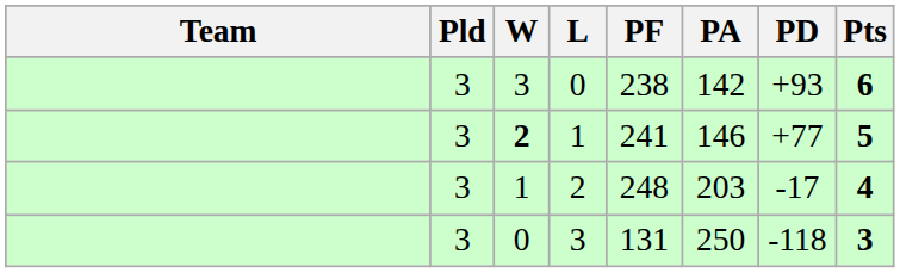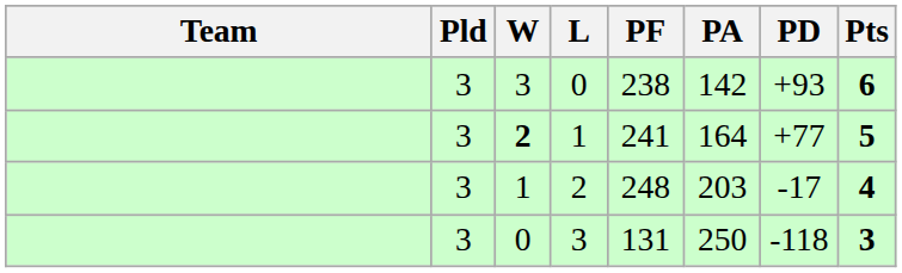 <table class="wikitable" style="text-align:center;">
 <tr>
 <th width=200>Team</th>
 <th width=20>Pld</th>
 <th width=20>W</th>
 <th width=20>L</th>
 <th width=30>PF</th>
 <th width=30>PA</th>
 <th width=30>PD</th>
 <th width=20>Pts</th>
 </tr>
 <tr style="background:#cfc;">
 <td align=left></td>
 <td>3</td>
 <td>3</td>
 <td>0</td>
 <td>238</td>
 <td>142</td>
 <td>+93</td>
 <td><strong>6</strong></td>
 </tr>
 <tr style="background:#cfc;">
 <td align=left></td>
 <td>3</td>
 <td><strong>2</strong></td>
 <td>1</td>
 <td>241</td>
-<td>146</td>
+<td>164</td>
 <td>+77</td>
 <td><strong>5</strong></td>
 </tr>
 <tr style="background:#cfc;">
 <td align=left></td>
 <td>3</td>
 <td>1</td>
 <td>2</td>
 <td>248</td>
 <td>203</td>
 <td>-17</td>
 <td><strong>4</strong></td>
 </tr>
 <tr style="background:#cfc;">
 <td align=left></td>
 <td>3</td>
 <td>0</td>
 <td>3</td>
 <td>131</td>
 <td>250</td>
 <td>-118</td>
 <td><strong>3</strong></td>
 </tr>
 </table>
